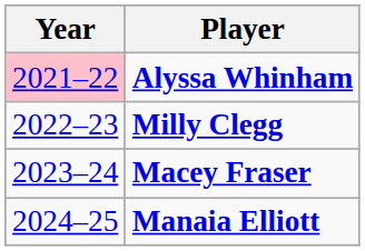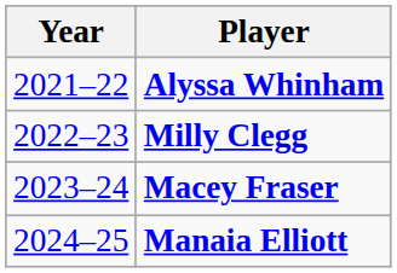 <table class="wikitable" border="1">
 <tr>
 <th>Year</th>
 <th>Player</th>
 </tr>
 <tr>
-<td style="background: pink;"><a href='#'>2021–22</a></td>
+<td><a href='#'>2021–22</a></td>
 <td style="text-align:left;"> <strong><a href='#'>Alyssa Whinham</a></strong></td>
 </tr>
 <tr>
 <td><a href='#'>2022–23</a></td>
 <td style="text-align:left;"> <strong><a href='#'>Milly Clegg</a></strong></td>
 </tr>
 <tr>
 <td><a href='#'>2023–24</a></td>
 <td> <strong><a href='#'>Macey Fraser</a></strong></td>
 </tr>
 <tr>
 <td><a href='#'>2024–25</a></td>
 <td> <strong><a href='#'>Manaia Elliott</a></strong></td>
 </tr>
 </table>
